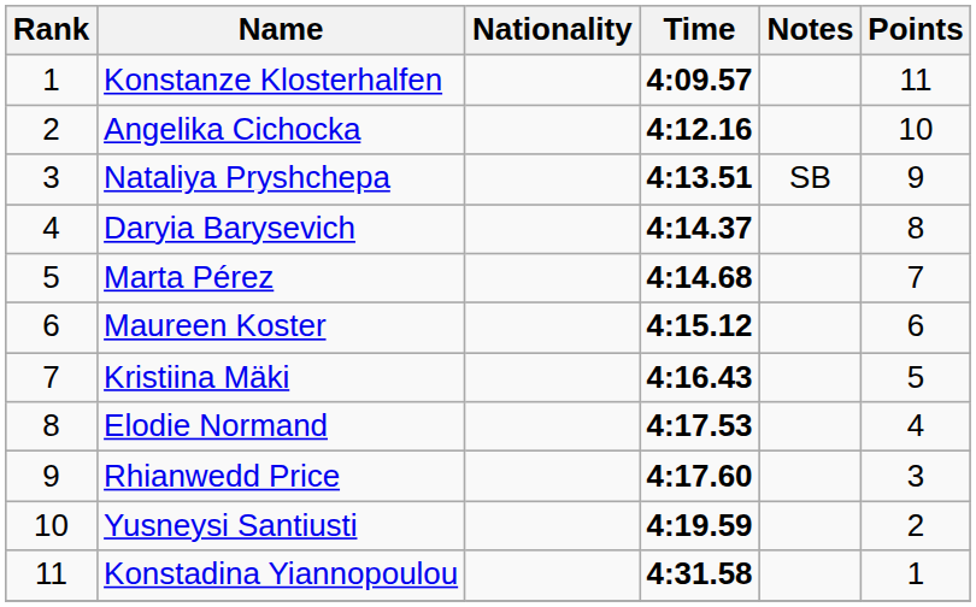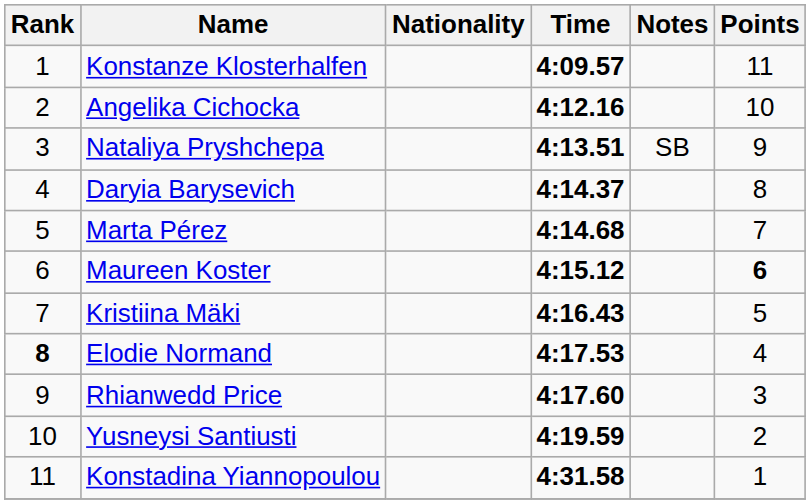 <table class="wikitable sortable" style="text-align:center">
 <tr>
 <th>Rank</th>
 <th>Name</th>
 <th>Nationality</th>
 <th>Time</th>
 <th>Notes</th>
 <th>Points</th>
 </tr>
 <tr>
 <td>1</td>
 <td align=left><a href='#'>Konstanze Klosterhalfen</a></td>
 <td align=left></td>
 <td><strong>4:09.57</strong></td>
 <td></td>
 <td>11</td>
 </tr>
 <tr>
 <td>2</td>
 <td align=left><a href='#'>Angelika Cichocka</a></td>
 <td align=left></td>
 <td><strong>4:12.16</strong></td>
 <td></td>
 <td>10</td>
 </tr>
 <tr>
 <td>3</td>
 <td align=left><a href='#'>Nataliya Pryshchepa</a></td>
 <td align=left></td>
 <td><strong>4:13.51</strong></td>
 <td>SB</td>
 <td>9</td>
 </tr>
 <tr>
 <td>4</td>
 <td align=left><a href='#'>Daryia Barysevich</a></td>
 <td align=left></td>
 <td><strong>4:14.37</strong></td>
 <td></td>
 <td>8</td>
 </tr>
 <tr>
 <td>5</td>
 <td align=left><a href='#'>Marta Pérez</a></td>
 <td align=left></td>
 <td><strong>4:14.68</strong></td>
 <td></td>
 <td>7</td>
 </tr>
 <tr>
 <td>6</td>
 <td align=left><a href='#'>Maureen Koster</a></td>
 <td align=left></td>
 <td><strong>4:15.12</strong></td>
 <td></td>
-<td>6</td>
+<td><strong>6</strong></td>
 </tr>
 <tr>
 <td>7</td>
 <td align=left><a href='#'>Kristiina Mäki</a></td>
 <td align=left></td>
 <td><strong>4:16.43</strong></td>
 <td></td>
 <td>5</td>
 </tr>
 <tr>
-<td>8</td>
+<td><strong>8</strong></td>
 <td align=left><a href='#'>Elodie Normand</a></td>
 <td align=left></td>
 <td><strong>4:17.53</strong></td>
 <td></td>
 <td>4</td>
 </tr>
 <tr>
 <td>9</td>
 <td align=left><a href='#'>Rhianwedd Price</a></td>
 <td align=left></td>
 <td><strong>4:17.60</strong></td>
 <td></td>
 <td>3</td>
 </tr>
 <tr>
 <td>10</td>
 <td align=left><a href='#'>Yusneysi Santiusti</a></td>
 <td align=left></td>
 <td><strong>4:19.59</strong></td>
 <td></td>
 <td>2</td>
 </tr>
 <tr>
 <td>11</td>
 <td align=left><a href='#'>Konstadina Yiannopoulou</a></td>
 <td align=left></td>
 <td><strong>4:31.58</strong></td>
 <td></td>
 <td>1</td>
 </tr>
 <tr>
 </tr>
 </table>
